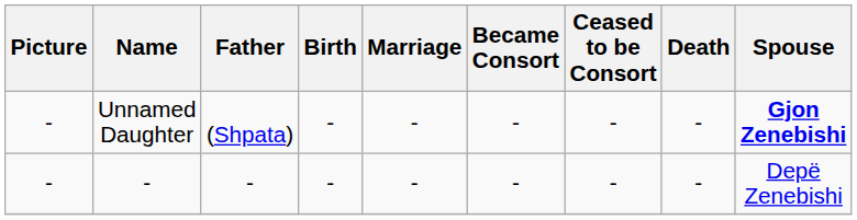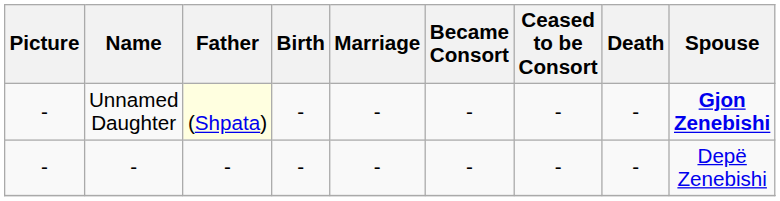 <table width=95% class="wikitable">
 <tr>
 <th width = "8%">Picture</th>
 <th width = "12%">Name</th>
 <th width = "10%">Father</th>
 <th width = "10%">Birth</th>
 <th width = "9%">Marriage</th>
 <th width = "9%">Became Consort</th>
 <th width = "9%">Ceased to be Consort</th>
 <th width = "9%">Death</th>
 <th width = "6%">Spouse</th>
 </tr>
 <tr>
 <td align="center">-</td>
 <td align="center">Unnamed Daughter</td>
-<td align=center><br>(<a href='#'>Shpata</a>)</td>
+<td align=center style="background: lightyellow;"><br>(<a href='#'>Shpata</a>)</td>
 <td align="center">-</td>
 <td align="center">-</td>
 <td align="center">-</td>
 <td align="center">-</td>
 <td align="center">-</td>
 <td align="center"><strong><a href='#'>Gjon Zenebishi</a></strong></td>
 </tr>
 <tr>
 <td align="center">-</td>
 <td align="center">-</td>
 <td align=center>-</td>
 <td align="center">-</td>
 <td align="center">-</td>
 <td align="center">-</td>
 <td align="center">-</td>
 <td align="center">-</td>
 <td align="center"><a href='#'>Depë Zenebishi</a></td>
 </tr>
 <tr>
 </tr>
 </table>
